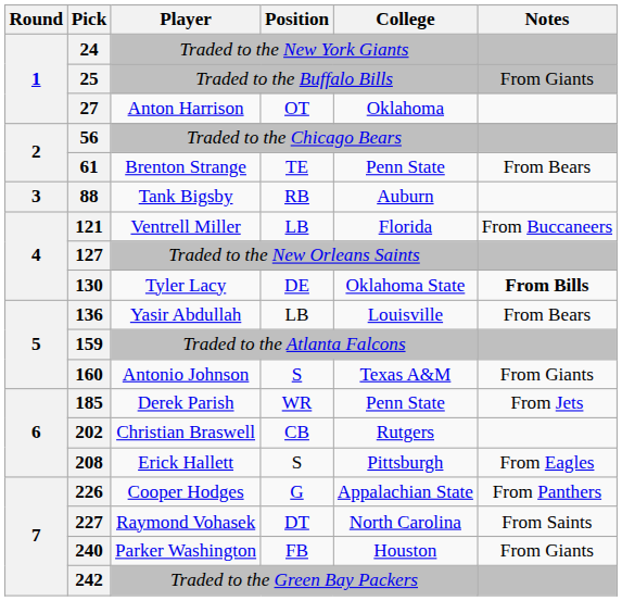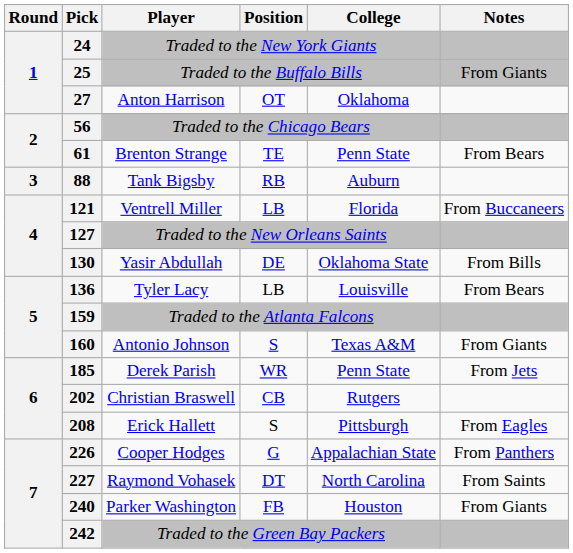 <table class="wikitable" style="text-align:center">
 <tr>
 <th>Round</th>
 <th>Pick</th>
 <th>Player</th>
 <th>Position</th>
 <th>College</th>
 <th>Notes</th>
 </tr>
 <tr>
 <th rowspan="3"><a href='#'>1</a></th>
 <th>24</th>
 <td colspan="3" style="background:#BFBFBF"><em>Traded to the <a href='#'>New York Giants</a></em></td>
 <td style="background:#BFBFBF"></td>
 </tr>
 <tr>
 <th>25</th>
 <td colspan="3" style="background:#BFBFBF"><em>Traded to the <a href='#'>Buffalo Bills</a></em></td>
 <td style="background:#BFBFBF">From Giants</td>
 </tr>
 <tr>
 <th>27</th>
 <td><a href='#'>Anton Harrison</a></td>
 <td><a href='#'>OT</a></td>
 <td><a href='#'>Oklahoma</a></td>
 <td></td>
 </tr>
 <tr>
 <th rowspan="2">2</th>
 <th>56</th>
 <td colspan="3" style="background:#BFBFBF"><em>Traded to the <a href='#'>Chicago Bears</a></em></td>
 <td style="background:#BFBFBF"></td>
 </tr>
 <tr>
 <th>61</th>
 <td><a href='#'>Brenton Strange</a></td>
 <td><a href='#'>TE</a></td>
 <td><a href='#'>Penn State</a></td>
 <td>From Bears</td>
 </tr>
 <tr>
 <th>3</th>
 <th>88</th>
 <td><a href='#'>Tank Bigsby</a></td>
 <td><a href='#'>RB</a></td>
 <td><a href='#'>Auburn</a></td>
 <td></td>
 </tr>
 <tr>
 <th rowspan="3">4</th>
 <th>121</th>
 <td><a href='#'>Ventrell Miller</a></td>
 <td><a href='#'>LB</a></td>
 <td><a href='#'>Florida</a></td>
 <td>From <a href='#'>Buccaneers</a></td>
 </tr>
 <tr>
 <th>127</th>
 <td colspan="3" style="background:#BFBFBF"><em>Traded to the <a href='#'>New Orleans Saints</a></em></td>
 <td style="background:#BFBFBF"></td>
 </tr>
 <tr>
 <th>130</th>
-<td><a href='#'>Tyler Lacy</a></td>
+<td><a href='#'>Yasir Abdullah</a></td>
 <td><a href='#'>DE</a></td>
 <td><a href='#'>Oklahoma State</a></td>
-<td><strong>From Bills</strong></td>
+<td>From Bills</td>
 </tr>
 <tr>
 <th rowspan="3">5</th>
 <th>136</th>
-<td><a href='#'>Yasir Abdullah</a></td>
+<td><a href='#'>Tyler Lacy</a></td>
 <td>LB</td>
 <td><a href='#'>Louisville</a></td>
 <td>From Bears</td>
 </tr>
 <tr>
 <th>159</th>
 <td colspan="3" style="background:#BFBFBF"><em>Traded to the <a href='#'>Atlanta Falcons</a></em></td>
 <td style="background:#BFBFBF"></td>
 </tr>
 <tr>
 <th>160</th>
 <td><a href='#'>Antonio Johnson</a></td>
 <td><a href='#'>S</a></td>
 <td><a href='#'>Texas A&M</a></td>
 <td>From Giants</td>
 </tr>
 <tr>
 <th rowspan="3">6</th>
 <th>185</th>
 <td><a href='#'>Derek Parish</a></td>
 <td><a href='#'>WR</a></td>
 <td><a href='#'>Penn State</a></td>
 <td>From <a href='#'>Jets</a></td>
 </tr>
 <tr>
 <th>202</th>
 <td><a href='#'>Christian Braswell</a></td>
 <td><a href='#'>CB</a></td>
 <td><a href='#'>Rutgers</a></td>
 <td></td>
 </tr>
 <tr>
 <th>208</th>
 <td><a href='#'>Erick Hallett</a></td>
 <td>S</td>
 <td><a href='#'>Pittsburgh</a></td>
 <td>From <a href='#'>Eagles</a></td>
 </tr>
 <tr>
 <th rowspan="4">7</th>
 <th>226</th>
 <td><a href='#'>Cooper Hodges</a></td>
 <td><a href='#'>G</a></td>
 <td><a href='#'>Appalachian State</a></td>
 <td>From <a href='#'>Panthers</a></td>
 </tr>
 <tr>
 <th>227</th>
 <td><a href='#'>Raymond Vohasek</a></td>
 <td><a href='#'>DT</a></td>
 <td><a href='#'>North Carolina</a></td>
 <td>From Saints</td>
 </tr>
 <tr>
 <th>240</th>
 <td><a href='#'>Parker Washington</a></td>
 <td><a href='#'>FB</a></td>
 <td><a href='#'>Houston</a></td>
 <td>From Giants</td>
 </tr>
 <tr>
 <th>242</th>
 <td colspan="3" style="background:#BFBFBF"><em>Traded to the <a href='#'>Green Bay Packers</a></em></td>
 <td style="background:#BFBFBF"></td>
 </tr>
 </table>
